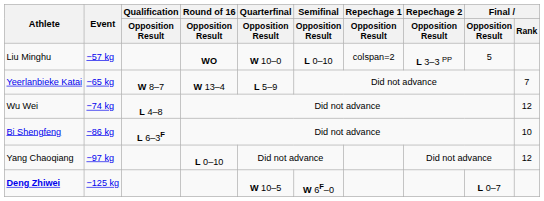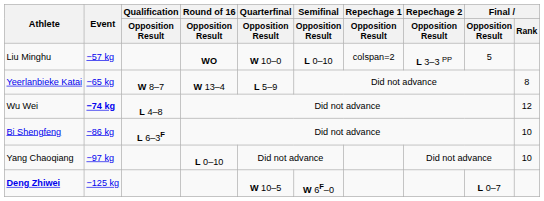 <table class=wikitable style=font-size:85%;text-align:center>
 <tr>
 <th rowspan="2">Athlete</th>
 <th rowspan="2">Event</th>
 <th>Qualification</th>
 <th>Round of 16</th>
 <th>Quarterfinal</th>
 <th>Semifinal</th>
 <th>Repechage 1</th>
 <th>Repechage 2</th>
 <th colspan=2>Final / </th>
 </tr>
 <tr style="font-size: 95%">
 <th>Opposition<br>Result</th>
 <th>Opposition<br>Result</th>
 <th>Opposition<br>Result</th>
 <th>Opposition<br>Result</th>
 <th>Opposition<br>Result</th>
 <th>Opposition<br>Result</th>
 <th>Opposition<br>Result</th>
 <th>Rank</th>
 </tr>
 <tr>
 <td align=left>Liu Minghu</td>
 <td align=left><a href='#'>−57 kg</a></td>
 <td></td>
 <td><br><strong>WO</strong></td>
 <td><br><strong>W</strong> 10–0</td>
 <td><br><strong>L</strong> 0–10</td>
 <td>colspan=2 </td>
 <td><br><strong>L</strong> 3–3 <sup>PP</sup></td>
 <td>5</td>
 </tr>
 <tr>
 <td align=left><a href='#'>Yeerlanbieke Katai</a></td>
 <td align=left><a href='#'>−65 kg</a></td>
 <td><br><strong>W</strong> 8–7</td>
 <td><br><strong>W</strong> 13–4</td>
 <td><br><strong>L</strong> 5–9</td>
 <td colspan=4>Did not advance</td>
-<td>7</td>
+<td>8</td>
 </tr>
 <tr>
 <td align=left>Wu Wei</td>
-<td align=left><a href='#'>−74 kg</a></td>
+<td align=left><strong><a href='#'>−74 kg</a></strong></td>
 <td><br><strong>L</strong> 4–8</td>
 <td colspan=6>Did not advance</td>
 <td>12</td>
 </tr>
 <tr>
 <td align=left><a href='#'>Bi Shengfeng</a></td>
 <td align=left><a href='#'>−86 kg</a></td>
 <td><br><strong>L</strong> 6–3<sup><strong>F</strong></sup></td>
 <td colspan=6>Did not advance</td>
 <td>10</td>
 </tr>
 <tr>
 <td align=left>Yang Chaoqiang</td>
 <td align=left><a href='#'>−97 kg</a></td>
 <td></td>
 <td><br><strong>L</strong> 0–10</td>
 <td colspan=2>Did not advance</td>
 <td></td>
 <td colspan=2>Did not advance</td>
-<td>12</td>
+<td>10</td>
 </tr>
 <tr>
 <td align=left><strong><a href='#'>Deng Zhiwei</a></strong></td>
 <td align=left><a href='#'>−125 kg</a></td>
 <td></td>
 <td></td>
 <td><br><strong>W</strong> 10–5</td>
 <td><br><strong>W</strong> 6<sup><strong>F</strong></sup>–0</td>
 <td></td>
 <td></td>
 <td><br><strong>L</strong> 0–7</td>
 <td></td>
 </tr>
 </table>
